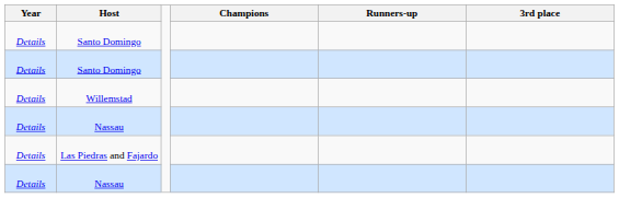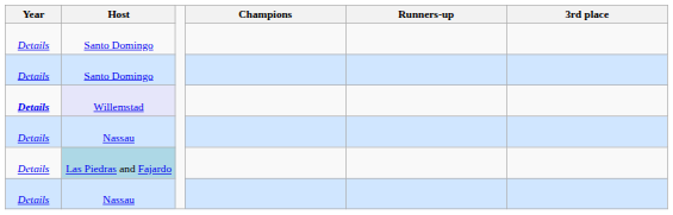 <table class="wikitable" style="font-size:90%; text-align: center;">
 <tr>
 <th width=6%>Year</th>
 <th width=12%>Host</th>
 <td width=1% rowspan=28 style="border-top:none;border-bottom:none;"></td>
 <th width=17%> Champions</th>
 <th width=17%> Runners-up</th>
 <th width=17%> 3rd place</th>
 </tr>
 <tr>
 <td><br><em><a href='#'>Details</a></em></td>
 <td><br><a href='#'>Santo Domingo</a></td>
 <td><strong></strong></td>
 <td></td>
 <td></td>
 </tr>
 <tr style="background: #D0E6FF;">
 <td><br><em><a href='#'>Details</a></em></td>
 <td><br><a href='#'>Santo Domingo</a></td>
 <td><strong></strong></td>
 <td></td>
 <td></td>
 </tr>
 <tr>
-<td><br><em><a href='#'>Details</a></em></td>
-<td><br><a href='#'>Willemstad</a></td>
+<td><strong><br><em><a href='#'>Details</a></em></strong></td>
+<td style="background: lavender;"><br><a href='#'>Willemstad</a></td>
 <td><strong></strong></td>
 <td></td>
 <td></td>
 </tr>
 <tr style="background: #D0E6FF;">
 <td><br><em><a href='#'>Details</a></em></td>
 <td><br><a href='#'>Nassau</a></td>
 <td><strong></strong></td>
 <td></td>
 <td></td>
 </tr>
 <tr>
 <td><br><em><a href='#'>Details</a></em></td>
-<td><br><a href='#'>Las Piedras</a> and <a href='#'>Fajardo</a></td>
+<td style="background: lightblue;"><br><a href='#'>Las Piedras</a> and <a href='#'>Fajardo</a></td>
 <td><strong></strong></td>
 <td></td>
 <td></td>
 </tr>
 <tr style="background: #D0E6FF;">
 <td><br><em><a href='#'>Details</a></em></td>
 <td><br><a href='#'>Nassau</a></td>
 <td><strong></strong></td>
 <td></td>
 <td></td>
 </tr>
 </table>
